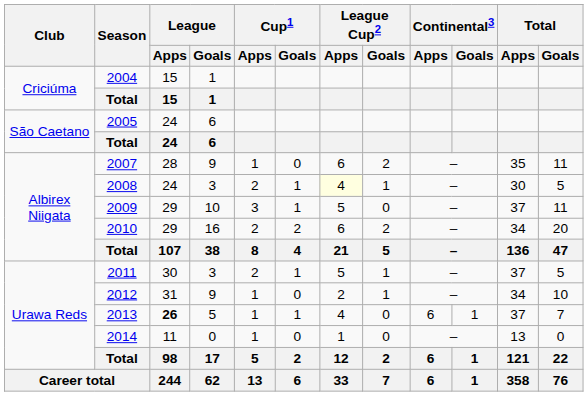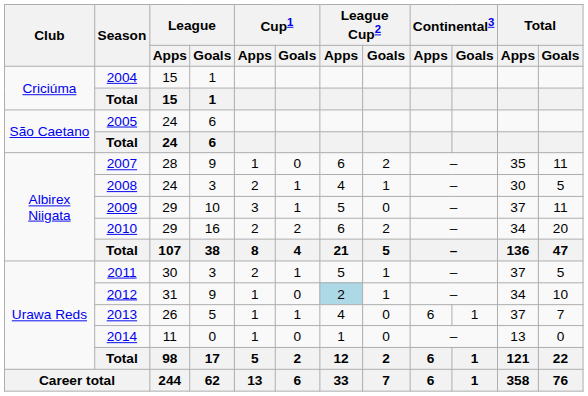 <table class="wikitable" style="font-size:90%; text-align:center;">
 <tr>
 <th rowspan="2">Club</th>
 <th rowspan="2">Season</th>
 <th colspan="2">League</th>
 <th colspan="2">Cup<sup><a href='#'>1</a></sup></th>
 <th colspan="2">League Cup<sup><a href='#'>2</a></sup></th>
 <th colspan="2">Continental<sup><a href='#'>3</a></sup></th>
 <th colspan="2">Total</th>
 </tr>
 <tr>
 <th>Apps</th>
 <th>Goals</th>
 <th>Apps</th>
 <th>Goals</th>
 <th>Apps</th>
 <th>Goals</th>
 <th>Apps</th>
 <th>Goals</th>
 <th>Apps</th>
 <th>Goals</th>
 </tr>
 <tr>
 <td rowspan="2"><a href='#'>Criciúma</a></td>
 <td><a href='#'>2004</a></td>
 <td>15</td>
 <td>1</td>
 <td></td>
 <td></td>
 <td></td>
 <td></td>
 <td></td>
 <td></td>
 <td></td>
 <td></td>
 </tr>
 <tr>
 <th colspan="1">Total</th>
 <th>15</th>
 <th>1</th>
 <th></th>
 <th></th>
 <th></th>
 <th></th>
 <th></th>
 <th></th>
 <th></th>
 <th></th>
 </tr>
 <tr>
 <td rowspan="2"><a href='#'>São Caetano</a></td>
 <td><a href='#'>2005</a></td>
 <td>24</td>
 <td>6</td>
 <td></td>
 <td></td>
 <td></td>
 <td></td>
 <td></td>
 <td></td>
 <td></td>
 <td></td>
 </tr>
 <tr>
 <th colspan="1">Total</th>
 <th>24</th>
 <th>6</th>
 <th></th>
 <th></th>
 <th></th>
 <th></th>
 <th></th>
 <th></th>
 <th></th>
 <th></th>
 </tr>
 <tr>
 <td rowspan="5"><a href='#'>Albirex Niigata</a></td>
 <td><a href='#'>2007</a></td>
 <td>28</td>
 <td>9</td>
 <td>1</td>
 <td>0</td>
 <td>6</td>
 <td>2</td>
 <td colspan="2">–</td>
 <td>35</td>
 <td>11</td>
 </tr>
 <tr>
 <td><a href='#'>2008</a></td>
 <td>24</td>
 <td>3</td>
 <td>2</td>
 <td>1</td>
-<td style="background: lightyellow;">4</td>
+<td>4</td>
 <td>1</td>
 <td colspan="2">–</td>
 <td>30</td>
 <td>5</td>
 </tr>
 <tr>
 <td><a href='#'>2009</a></td>
 <td>29</td>
 <td>10</td>
 <td>3</td>
 <td>1</td>
 <td>5</td>
 <td>0</td>
 <td colspan="2">–</td>
 <td>37</td>
 <td>11</td>
 </tr>
 <tr>
 <td><a href='#'>2010</a></td>
 <td>29</td>
 <td>16</td>
 <td>2</td>
 <td>2</td>
 <td>6</td>
 <td>2</td>
 <td colspan="2">–</td>
 <td>34</td>
 <td>20</td>
 </tr>
 <tr>
 <th colspan="1">Total</th>
 <th>107</th>
 <th>38</th>
 <th>8</th>
 <th>4</th>
 <th>21</th>
 <th>5</th>
 <th colspan="2">–</th>
 <th>136</th>
 <th>47</th>
 </tr>
 <tr>
 <td rowspan="5"><a href='#'>Urawa Reds</a></td>
 <td><a href='#'>2011</a></td>
 <td>30</td>
 <td>3</td>
 <td>2</td>
 <td>1</td>
 <td>5</td>
 <td>1</td>
 <td colspan="2">–</td>
 <td>37</td>
 <td>5</td>
 </tr>
 <tr>
 <td><a href='#'>2012</a></td>
 <td>31</td>
 <td>9</td>
 <td>1</td>
 <td>0</td>
-<td>2</td>
+<td style="background: lightblue;">2</td>
 <td>1</td>
 <td colspan="2">–</td>
 <td>34</td>
 <td>10</td>
 </tr>
 <tr>
 <td><a href='#'>2013</a></td>
-<td><strong>26</strong></td>
+<td>26</td>
 <td>5</td>
 <td>1</td>
 <td>1</td>
 <td>4</td>
 <td>0</td>
 <td>6</td>
 <td>1</td>
 <td>37</td>
 <td>7</td>
 </tr>
 <tr>
 <td><a href='#'>2014</a></td>
 <td>11</td>
 <td>0</td>
 <td>1</td>
 <td>0</td>
 <td>1</td>
 <td>0</td>
 <td colspan="2">–</td>
 <td>13</td>
 <td>0</td>
 </tr>
 <tr>
 <th colspan="1">Total</th>
 <th>98</th>
 <th>17</th>
 <th>5</th>
 <th>2</th>
 <th>12</th>
 <th>2</th>
 <th>6</th>
 <th>1</th>
 <th>121</th>
 <th>22</th>
 </tr>
 <tr>
 <th colspan="2">Career total</th>
 <th>244</th>
 <th>62</th>
 <th>13</th>
 <th>6</th>
 <th>33</th>
 <th>7</th>
 <th>6</th>
 <th>1</th>
 <th>358</th>
 <th>76</th>
 </tr>
 </table>
